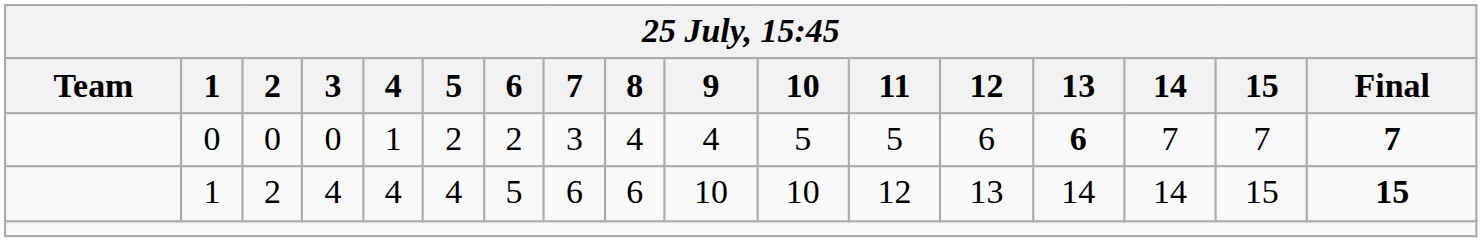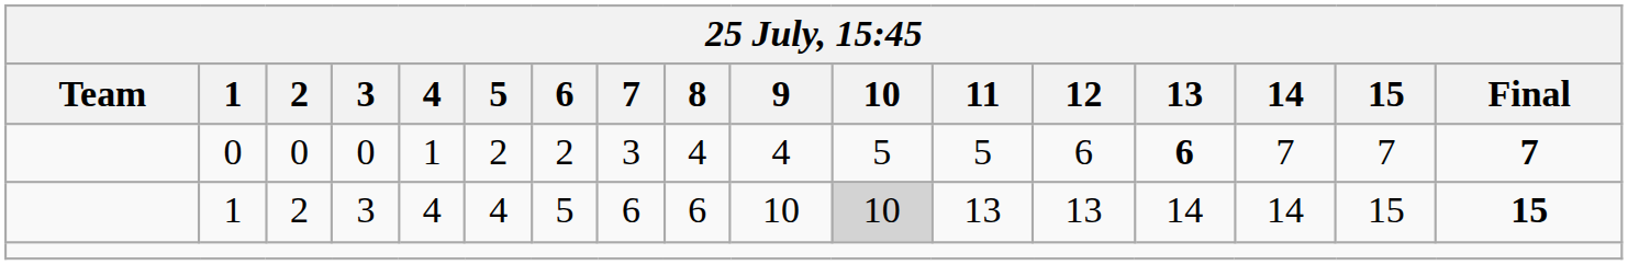 <table class=wikitable style="text-align:center; width: 55%">
 <tr>
 <th colspan=17><em>25 July, 15:45</em></th>
 </tr>
 <tr>
 <th>Team</th>
 <th>1</th>
 <th>2</th>
 <th>3</th>
 <th>4</th>
 <th>5</th>
 <th>6</th>
 <th>7</th>
 <th>8</th>
 <th>9</th>
 <th>10</th>
 <th>11</th>
 <th>12</th>
 <th>13</th>
 <th>14</th>
 <th>15</th>
 <th>Final</th>
 </tr>
 <tr>
 <td align=left></td>
 <td>0</td>
 <td>0</td>
 <td>0</td>
 <td>1</td>
 <td>2</td>
 <td>2</td>
 <td>3</td>
 <td>4</td>
 <td>4</td>
 <td>5</td>
 <td>5</td>
 <td>6</td>
 <td><strong>6</strong></td>
 <td>7</td>
 <td>7</td>
 <td><strong>7</strong></td>
 </tr>
 <tr>
 <td align=left><strong></strong></td>
 <td>1</td>
 <td>2</td>
-<td>4</td>
+<td>3</td>
 <td>4</td>
 <td>4</td>
 <td>5</td>
 <td>6</td>
 <td>6</td>
 <td>10</td>
-<td>10</td>
-<td>12</td>
+<td style="background: lightgrey;">10</td>
+<td>13</td>
 <td>13</td>
 <td>14</td>
 <td>14</td>
 <td>15</td>
 <td><strong>15</strong></td>
 </tr>
 <tr>
 <td colspan=17></td>
 </tr>
 </table>
